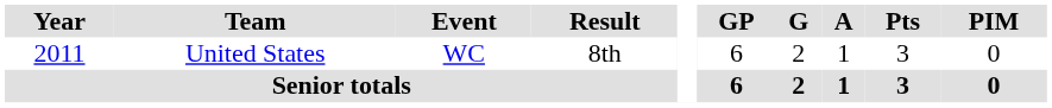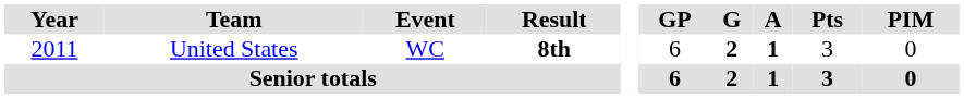 <table border="0" cellpadding="1" cellspacing="0" style="text-align:center; width:40em">
 <tr ALIGN="center" bgcolor="#e0e0e0">
 <th>Year</th>
 <th>Team</th>
 <th>Event</th>
 <th>Result</th>
 <th rowspan="99" bgcolor="#ffffff"> </th>
 <th>GP</th>
 <th>G</th>
 <th>A</th>
 <th>Pts</th>
 <th>PIM</th>
 </tr>
 <tr>
 <td><a href='#'>2011</a></td>
 <td><a href='#'>United States</a></td>
 <td><a href='#'>WC</a></td>
-<td>8th</td>
+<td><strong>8th</strong></td>
 <td>6</td>
-<td>2</td>
-<td>1</td>
+<td><strong>2</strong></td>
+<td><strong>1</strong></td>
 <td>3</td>
 <td>0</td>
 </tr>
 <tr bgcolor="#e0e0e0">
 <th colspan=4>Senior totals</th>
 <th>6</th>
 <th>2</th>
 <th>1</th>
 <th>3</th>
 <th>0</th>
 </tr>
 </table>
